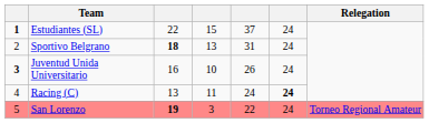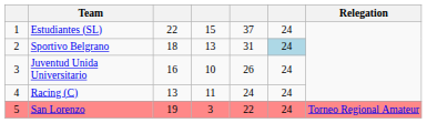 <table class="wikitable" style="text-align: center;">
 <tr>
 <th width=28><br></th>
 <th width=180>Team</th>
 <th width=50></th>
 <th width=50></th>
 <th width=50></th>
 <th width=50></th>
 <th width=120>Relegation</th>
 </tr>
 <tr>
-<td><strong>1</strong></td>
+<td>1</td>
 <td align="left"><a href='#'>Estudiantes (SL)</a></td>
 <td>22</td>
 <td>15</td>
 <td>37</td>
 <td>24</td>
 <td rowspan=4></td>
 </tr>
 <tr>
 <td>2</td>
 <td align="left"><a href='#'>Sportivo Belgrano</a></td>
-<td><strong>18</strong></td>
+<td>18</td>
 <td>13</td>
 <td>31</td>
-<td>24</td>
+<td style="background: lightblue;">24</td>
 </tr>
 <tr>
-<td><strong>3</strong></td>
+<td>3</td>
 <td align="left"><a href='#'>Juventud Unida Universitario</a></td>
 <td>16</td>
 <td>10</td>
 <td>26</td>
 <td>24</td>
 </tr>
 <tr>
 <td>4</td>
 <td align="left"><a href='#'>Racing (C)</a></td>
 <td>13</td>
 <td>11</td>
 <td>24</td>
-<td><strong>24</strong></td>
+<td>24</td>
 </tr>
 <tr bgcolor=#FF8888>
 <td>5</td>
 <td align="left"><a href='#'>San Lorenzo</a></td>
-<td><strong>19</strong></td>
+<td>19</td>
 <td>3</td>
 <td>22</td>
 <td>24</td>
 <td><a href='#'>Torneo Regional Amateur</a></td>
 </tr>
 </table>
